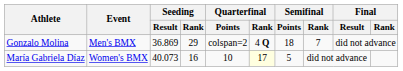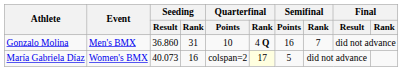 <table class="wikitable" style="font-size:90%;">
 <tr>
 <th rowspan=2>Athlete</th>
 <th rowspan=2>Event</th>
 <th colspan=2>Seeding</th>
 <th colspan=2>Quarterfinal</th>
 <th colspan=2>Semifinal</th>
 <th colspan=2>Final</th>
 </tr>
 <tr style="font-size:95%">
 <th>Result</th>
 <th>Rank</th>
 <th>Points</th>
 <th>Rank</th>
 <th>Points</th>
 <th>Rank</th>
 <th>Result</th>
 <th>Rank</th>
 </tr>
 <tr align=center>
 <td align=left><a href='#'>Gonzalo Molina</a></td>
 <td align=left><a href='#'>Men's BMX</a></td>
-<td>36.869</td>
-<td>29</td>
-<td>colspan=2 </td>
+<td>36.860</td>
+<td>31</td>
+<td>10</td>
 <td>4 <strong>Q</strong></td>
-<td>18</td>
+<td>16</td>
 <td>7</td>
 <td colspan=2>did not advance</td>
 </tr>
 <tr align=center>
 <td align=left><a href='#'>María Gabriela Díaz</a></td>
 <td align=left><a href='#'>Women's BMX</a></td>
 <td>40.073</td>
 <td>16</td>
-<td>10</td>
+<td>colspan=2 </td>
 <td style="background: lightyellow;">17</td>
 <td>5</td>
 <td colspan=2>did not advance</td>
 </tr>
 </table>
